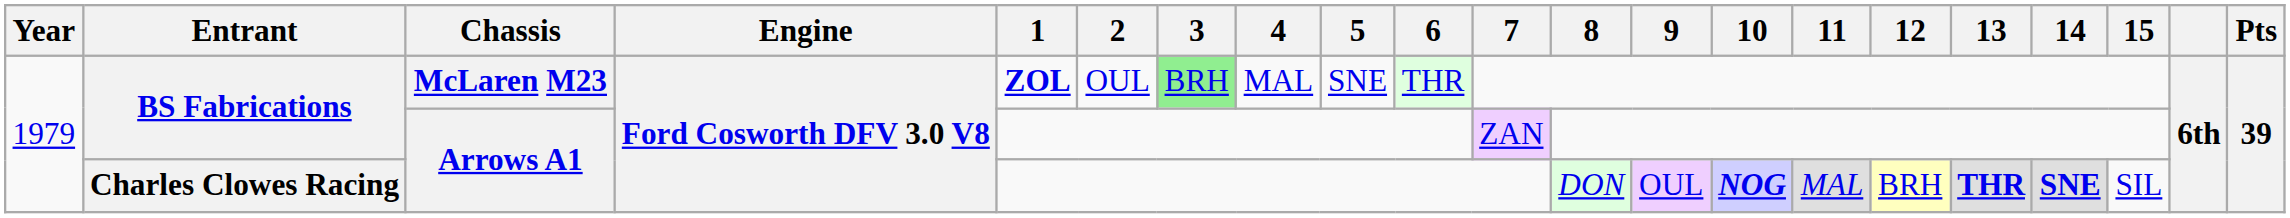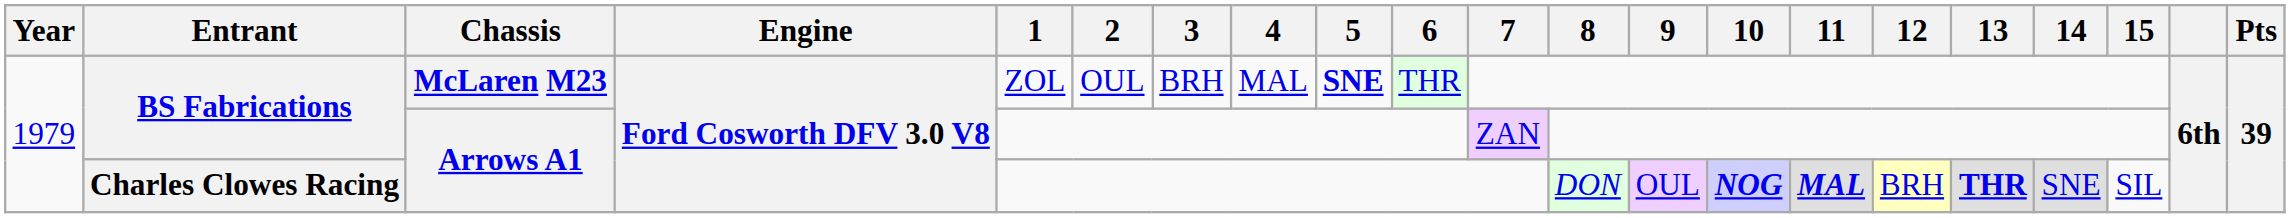 <table class="wikitable" style="text-align:center; font-size:85%">
 <tr>
 <th>Year</th>
 <th>Entrant</th>
 <th>Chassis</th>
 <th>Engine</th>
 <th>1</th>
 <th>2</th>
 <th>3</th>
 <th>4</th>
 <th>5</th>
 <th>6</th>
 <th>7</th>
 <th>8</th>
 <th>9</th>
 <th>10</th>
 <th>11</th>
 <th>12</th>
 <th>13</th>
 <th>14</th>
 <th>15</th>
 <th></th>
 <th>Pts</th>
 </tr>
 <tr>
 <td rowspan=3><a href='#'>1979</a></td>
 <th rowspan=2 nowrap><a href='#'>BS Fabrications</a></th>
 <th nowrap><a href='#'>McLaren</a> <a href='#'>M23</a></th>
 <th rowspan=3 nowrap><a href='#'>Ford Cosworth DFV</a> 3.0 <a href='#'>V8</a></th>
-<td><strong><a href='#'>ZOL</a></strong></td>
+<td><a href='#'>ZOL</a></td>
 <td><a href='#'>OUL</a></td>
-<td style="background: lightgreen;"><a href='#'>BRH</a></td>
+<td><a href='#'>BRH</a></td>
 <td><a href='#'>MAL</a></td>
-<td><a href='#'>SNE</a></td>
+<td><strong><a href='#'>SNE</a></strong></td>
 <td style="background:#dfffdf;"><a href='#'>THR</a><br></td>
 <td colspan=9></td>
 <th rowspan=3>6th</th>
 <th rowspan=3>39</th>
 </tr>
 <tr>
 <th rowspan=2 nowrap><a href='#'>Arrows A1</a></th>
 <td colspan=6></td>
 <td style="background:#efcfff;"><a href='#'>ZAN</a><br></td>
 <td colspan=8></td>
 </tr>
 <tr>
 <th rowspan=3 nowrap>Charles Clowes Racing</th>
 <td colspan=7></td>
 <td style="background:#dfffdf;"><em><a href='#'>DON</a></em><br></td>
 <td style="background:#efcfff;"><a href='#'>OUL</a><br></td>
 <td style="background:#cfcfff;"><strong><em><a href='#'>NOG</a></em></strong><br></td>
-<td style="background:#dfdfdf;"><em><a href='#'>MAL</a></em><br></td>
+<td style="background:#dfdfdf;"><strong><em><a href='#'>MAL</a></em><br></strong></td>
 <td style="background:#ffffbf;"><a href='#'>BRH</a><br></td>
 <td style="background:#dfdfdf;"><strong><a href='#'>THR</a></strong><br></td>
-<td style="background:#dfdfdf;"><strong><a href='#'>SNE</a><br></strong></td>
+<td style="background:#dfdfdf;"><a href='#'>SNE</a><br></td>
 <td><a href='#'>SIL</a></td>
 </tr>
 </table>
